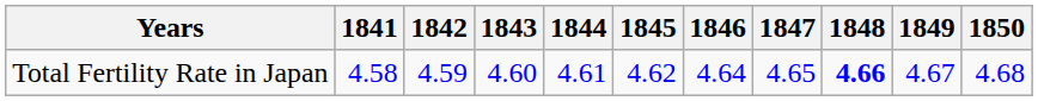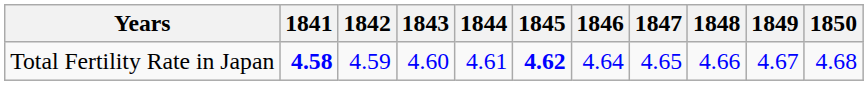 <table class="wikitable " style="text-align:right">
 <tr>
 <th>Years</th>
 <th>1841</th>
 <th>1842</th>
 <th>1843</th>
 <th>1844</th>
 <th>1845</th>
 <th>1846</th>
 <th>1847</th>
 <th>1848</th>
 <th>1849</th>
 <th>1850</th>
 </tr>
 <tr>
 <td align="left">Total Fertility Rate in Japan</td>
-<td style="text-align:right; color:blue;">4.58</td>
+<td style="text-align:right; color:blue;"><strong>4.58</strong></td>
 <td style="text-align:right; color:blue;">4.59</td>
 <td style="text-align:right; color:blue;">4.60</td>
 <td style="text-align:right; color:blue;">4.61</td>
-<td style="text-align:right; color:blue;">4.62</td>
+<td style="text-align:right; color:blue;"><strong>4.62</strong></td>
 <td style="text-align:right; color:blue;">4.64</td>
 <td style="text-align:right; color:blue;">4.65</td>
-<td style="text-align:right; color:blue;"><strong>4.66</strong></td>
+<td style="text-align:right; color:blue;">4.66</td>
 <td style="text-align:right; color:blue;">4.67</td>
 <td style="text-align:right; color:blue;">4.68</td>
 </tr>
 </table>
